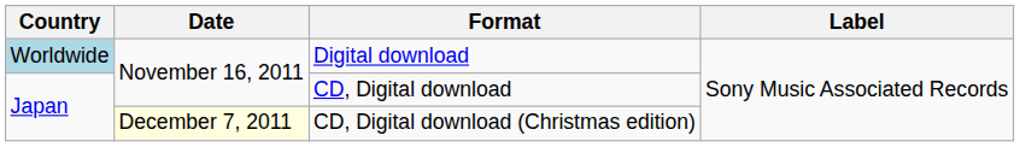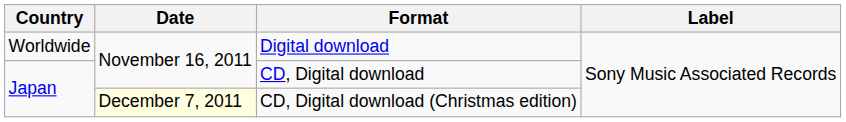 <table class="wikitable">
 <tr>
 <th>Country</th>
 <th>Date</th>
 <th>Format</th>
 <th>Label</th>
 </tr>
 <tr>
-<td rowspan="1" style="background: lightblue;">Worldwide</td>
+<td rowspan="1">Worldwide</td>
 <td rowspan="2">November 16, 2011</td>
 <td rowspan="1"><a href='#'>Digital download</a></td>
 <td rowspan="3">Sony Music Associated Records</td>
 </tr>
 <tr>
 <td rowspan="2"><a href='#'>Japan</a></td>
 <td><a href='#'>CD</a>, Digital download</td>
 </tr>
 <tr>
 <td rowspan="1" style="background: lightyellow;">December 7, 2011</td>
 <td>CD, Digital download (Christmas edition)</td>
 </tr>
 </table>
